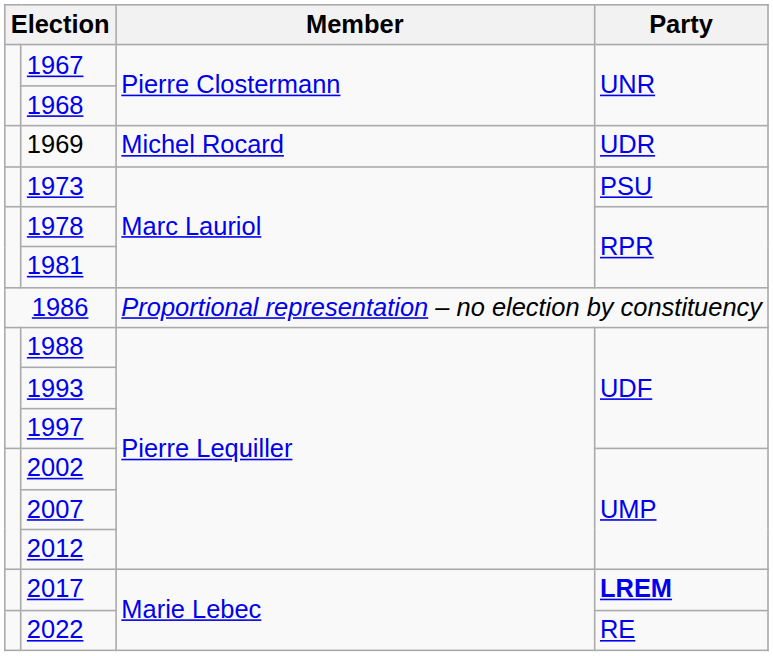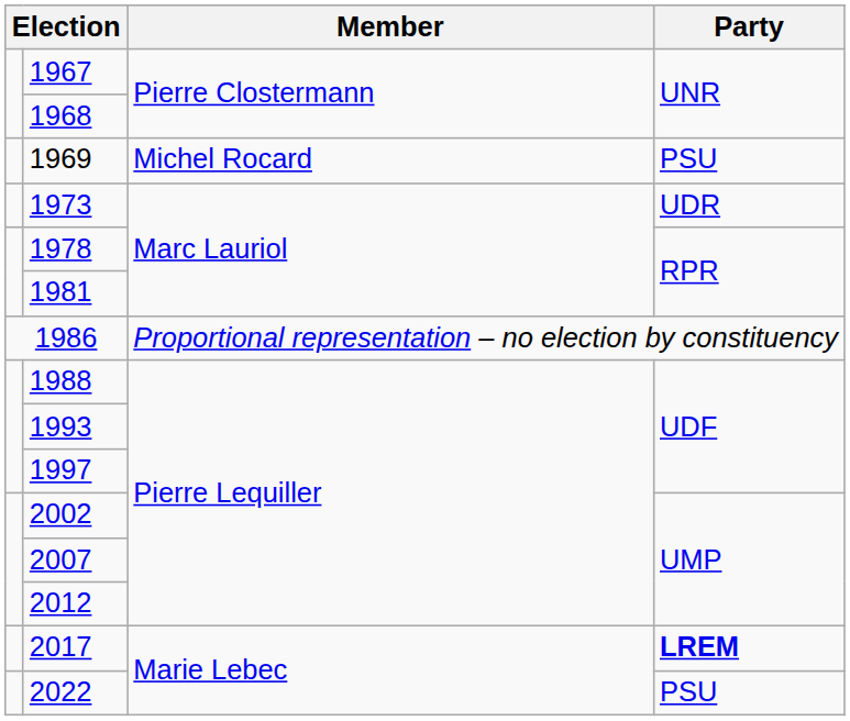 <table class="wikitable">
 <tr>
 <th colspan=2>Election</th>
 <th>Member</th>
 <th>Party</th>
 </tr>
 <tr>
 <td rowspan="2" style="color:inherit;background-color: "></td>
 <td><a href='#'>1967</a></td>
 <td rowspan=2><a href='#'>Pierre Clostermann</a></td>
 <td rowspan="2"><a href='#'>UNR</a></td>
 </tr>
 <tr>
 <td><a href='#'>1968</a></td>
 </tr>
 <tr>
 <td style="color:inherit;background-color: "></td>
 <td>1969</td>
 <td><a href='#'>Michel Rocard</a></td>
-<td><a href='#'>UDR</a></td>
+<td><a href='#'>PSU</a></td>
 </tr>
 <tr>
 <td style="color:inherit;background-color: "></td>
 <td><a href='#'>1973</a></td>
 <td rowspan="3"><a href='#'>Marc Lauriol</a></td>
-<td><a href='#'>PSU</a></td>
+<td><a href='#'>UDR</a></td>
 </tr>
 <tr>
 <td rowspan="2" style="color:inherit;background-color: "></td>
 <td><a href='#'>1978</a></td>
 <td rowspan="2"><a href='#'>RPR</a></td>
 </tr>
 <tr>
 <td><a href='#'>1981</a></td>
 </tr>
 <tr>
 <td colspan=2 align="center"><a href='#'>1986</a></td>
 <td colspan=2><em><a href='#'>Proportional representation</a> – no election by constituency</em></td>
 </tr>
 <tr>
 <td rowspan="3" style="color:inherit;background-color: "></td>
 <td><a href='#'>1988</a></td>
 <td rowspan="6"><a href='#'>Pierre Lequiller</a></td>
 <td rowspan="3"><a href='#'>UDF</a></td>
 </tr>
 <tr>
 <td><a href='#'>1993</a></td>
 </tr>
 <tr>
 <td><a href='#'>1997</a></td>
 </tr>
 <tr>
 <td rowspan="3" style="color:inherit;background-color: "></td>
 <td><a href='#'>2002</a></td>
 <td rowspan="3"><a href='#'>UMP</a></td>
 </tr>
 <tr>
 <td><a href='#'>2007</a></td>
 </tr>
 <tr>
 <td><a href='#'>2012</a></td>
 </tr>
 <tr>
 <td style="color:inherit;background-color: "></td>
 <td><a href='#'>2017</a></td>
 <td rowspan="2"><a href='#'>Marie Lebec</a></td>
 <td><strong><a href='#'>LREM</a></strong></td>
 </tr>
 <tr>
 <td style="color:inherit;background-color: "></td>
 <td><a href='#'>2022</a></td>
-<td><a href='#'>RE</a></td>
+<td><a href='#'>PSU</a></td>
 </tr>
 </table>
